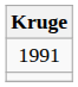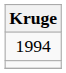 <table class="wikitable" style="margin: 0.5em auto; text-align: center;">
 <tr>
 <th colspan="1">Kruge</th>
 </tr>
 <tr>
-<td>1991</td>
+<td>1994</td>
 </tr>
 <tr>
 <td></td>
 </tr>
 <tr>
 </tr>
 </table>
